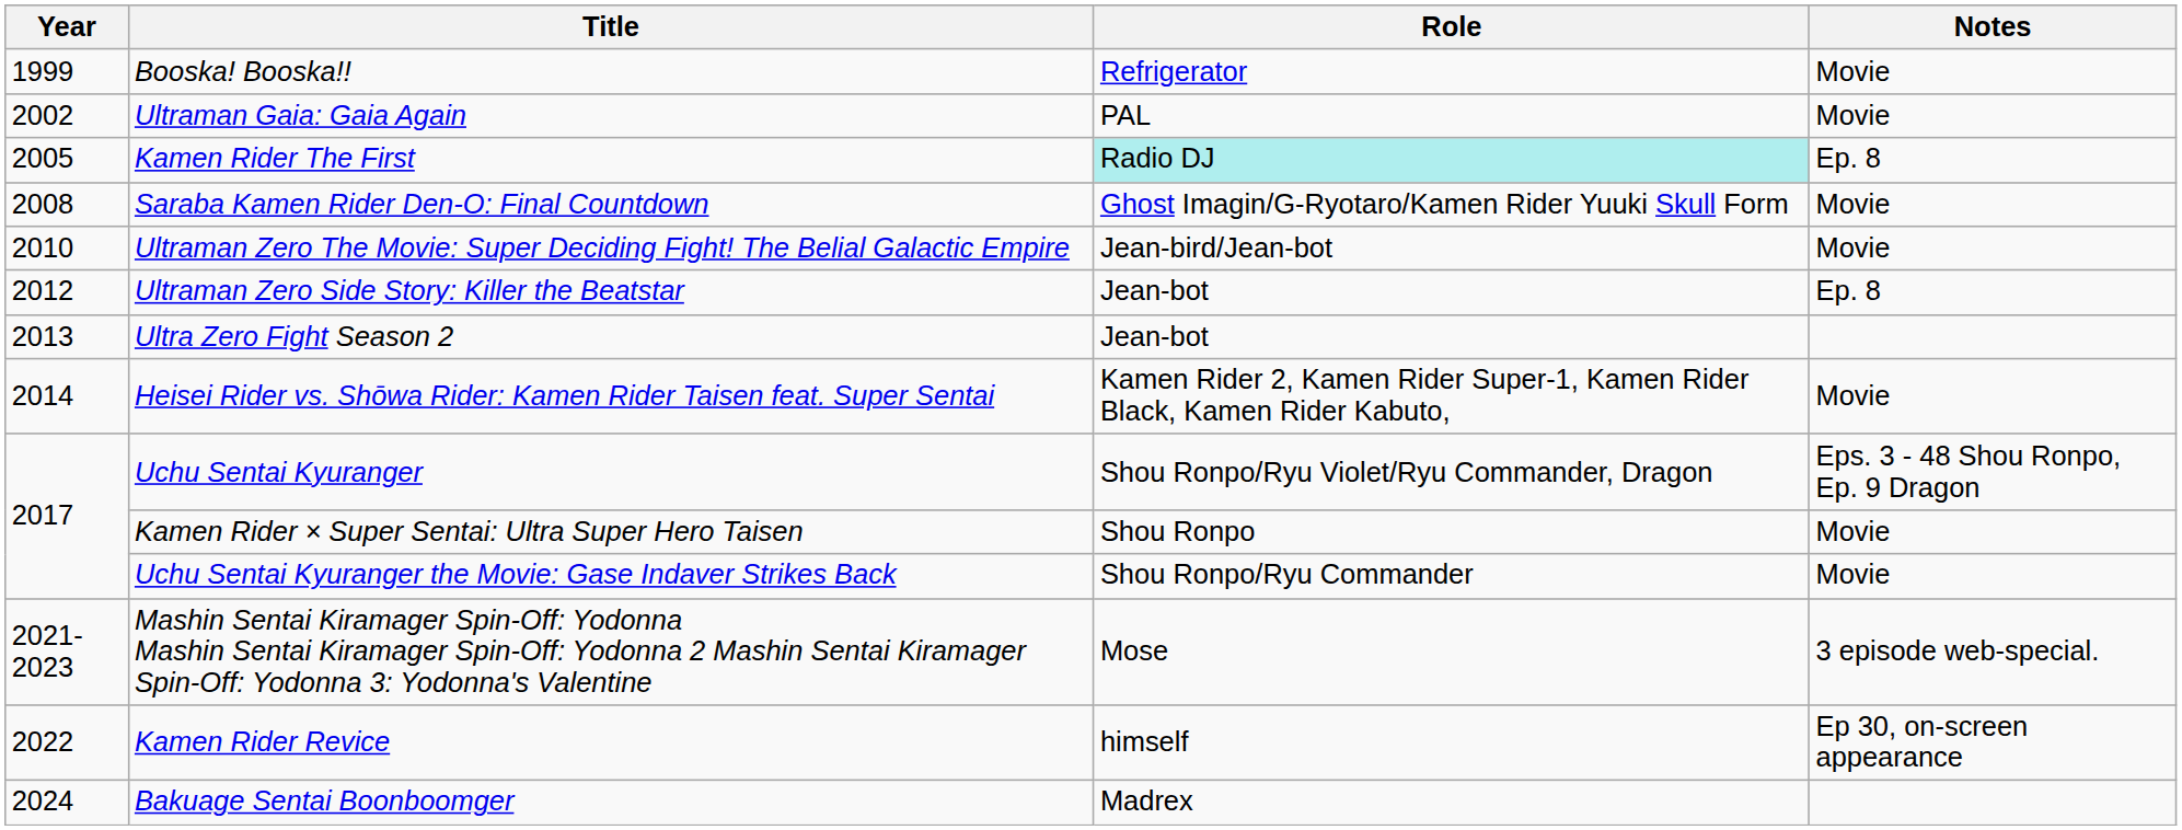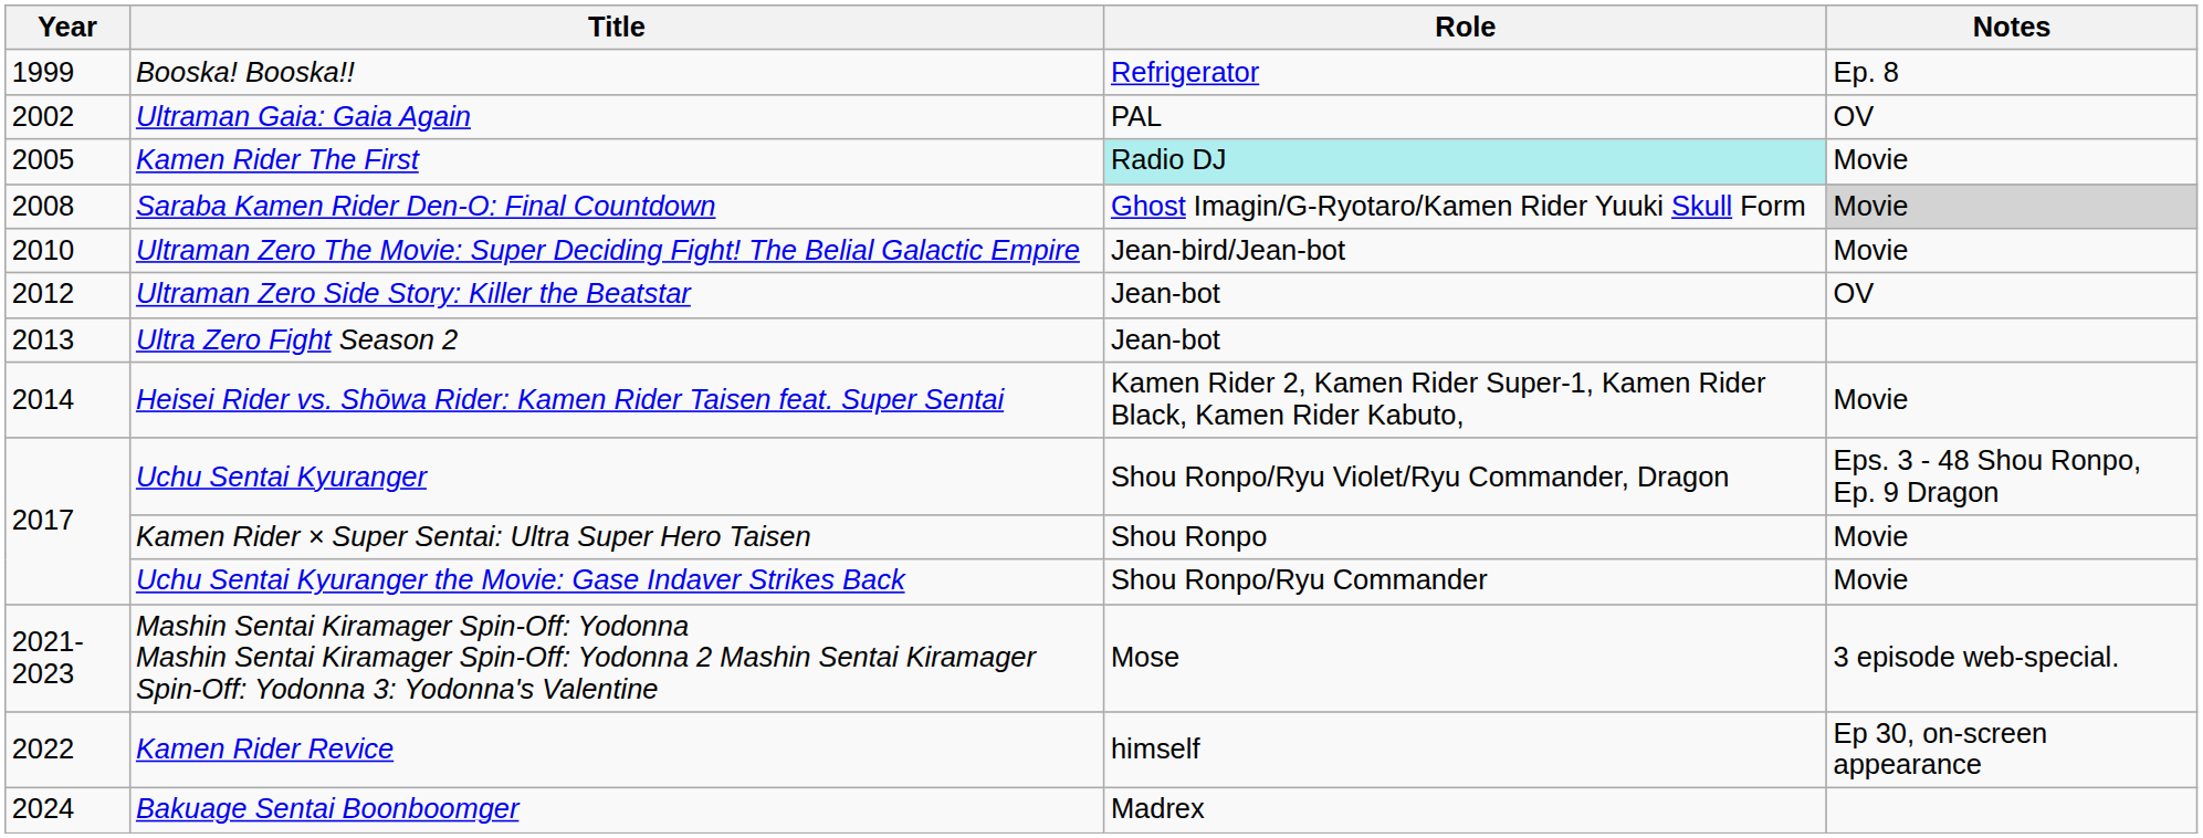 <table class="wikitable sortable plainrowheaders">
 <tr>
 <th scope="col">Year</th>
 <th scope="col">Title</th>
 <th scope="col">Role</th>
 <th scope="col" class="unsortable">Notes</th>
 </tr>
 <tr>
 <td>1999</td>
 <td><em>Booska! Booska!!</em></td>
 <td><a href='#'>Refrigerator</a></td>
-<td>Movie</td>
+<td>Ep. 8</td>
 </tr>
 <tr>
 <td>2002</td>
 <td><em><a href='#'>Ultraman Gaia: Gaia Again</a></em></td>
 <td>PAL</td>
-<td>Movie</td>
+<td>OV</td>
 </tr>
 <tr>
 <td>2005</td>
 <td><em><a href='#'>Kamen Rider The First</a></em></td>
 <td style="background: paleturquoise;">Radio DJ</td>
-<td>Ep. 8</td>
+<td>Movie</td>
 </tr>
 <tr>
 <td>2008</td>
 <td><em><a href='#'>Saraba Kamen Rider Den-O: Final Countdown</a></em></td>
 <td><a href='#'>Ghost</a> Imagin/G-Ryotaro/Kamen Rider Yuuki <a href='#'>Skull</a> Form</td>
-<td>Movie</td>
+<td style="background: lightgrey;">Movie</td>
 </tr>
 <tr>
 <td>2010</td>
 <td><em><a href='#'>Ultraman Zero The Movie: Super Deciding Fight! The Belial Galactic Empire</a></em></td>
 <td>Jean-bird/Jean-bot</td>
 <td>Movie</td>
 </tr>
 <tr>
 <td>2012</td>
 <td><em><a href='#'>Ultraman Zero Side Story: Killer the Beatstar</a></em></td>
 <td>Jean-bot</td>
-<td>Ep. 8</td>
+<td>OV</td>
 </tr>
 <tr>
 <td>2013</td>
 <td><em><a href='#'>Ultra Zero Fight</a> Season 2</em></td>
 <td>Jean-bot</td>
 <td></td>
 </tr>
 <tr>
 <td>2014</td>
 <td><em><a href='#'>Heisei Rider vs. Shōwa Rider: Kamen Rider Taisen feat. Super Sentai</a></em></td>
 <td>Kamen Rider 2, Kamen Rider Super-1, Kamen Rider Black, Kamen Rider Kabuto,</td>
 <td>Movie</td>
 </tr>
 <tr>
 <td rowspan="3">2017</td>
 <td><em><a href='#'>Uchu Sentai Kyuranger</a></em></td>
 <td>Shou Ronpo/Ryu Violet/Ryu Commander, Dragon</td>
 <td>Eps. 3 - 48 Shou Ronpo, Ep. 9 Dragon</td>
 </tr>
 <tr>
 <td><em>Kamen Rider × Super Sentai: Ultra Super Hero Taisen</em></td>
 <td>Shou Ronpo</td>
 <td>Movie</td>
 </tr>
 <tr>
 <td><em><a href='#'>Uchu Sentai Kyuranger the Movie: Gase Indaver Strikes Back</a></em></td>
 <td>Shou Ronpo/Ryu Commander</td>
 <td>Movie</td>
 </tr>
 <tr>
 <td>2021-2023</td>
 <td><em>Mashin Sentai Kiramager Spin-Off: Yodonna</em><br><em>Mashin Sentai Kiramager Spin-Off: Yodonna 2</em> <em>Mashin Sentai Kiramager Spin-Off: Yodonna 3: Yodonna's Valentine</em></td>
 <td>Mose</td>
 <td>3 episode web-special.</td>
 </tr>
 <tr>
 <td>2022</td>
 <td><em><a href='#'>Kamen Rider Revice</a></em></td>
 <td>himself</td>
 <td>Ep 30, on-screen appearance</td>
 </tr>
 <tr>
 <td>2024</td>
 <td><em><a href='#'>Bakuage Sentai Boonboomger</a></em></td>
 <td>Madrex</td>
 <td></td>
 </tr>
 </table>
